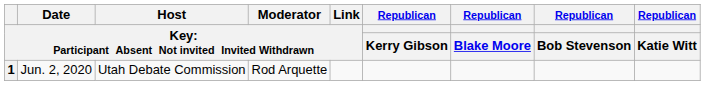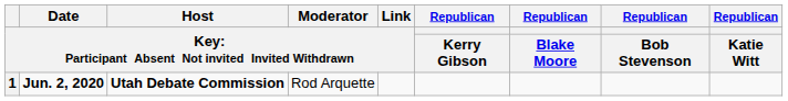 <table class="wikitable" style="text-align:center;">
 <tr>
 <th scope="col"></th>
 <th scope="col">Date</th>
 <th scope="col">Host</th>
 <th scope="col">Moderator</th>
 <th scope="col">Link</th>
 <th scope="col"><small><a href='#'>Republican</a></small></th>
 <th scope="col"><small><a href='#'>Republican</a></small></th>
 <th scope="col"><small><a href='#'>Republican</a></small></th>
 <th scope="col"><small><a href='#'>Republican</a></small></th>
 </tr>
 <tr>
 <th colspan="5" rowspan="2">Key:<br> <small>Participant </small>  <small>Absent </small>  <small>Not invited </small>  <small>Invited  Withdrawn</small></th>
 <th scope="col" style="background:"></th>
 <th scope="col" style="background:"></th>
 <th scope="col" style="background:"></th>
 <th scope="col" style="background:"></th>
 </tr>
 <tr>
 <th scope="col">Kerry Gibson</th>
 <th scope="col"><a href='#'>Blake Moore</a></th>
 <th scope="col">Bob Stevenson</th>
 <th scope="col">Katie Witt</th>
 </tr>
 <tr>
 <th>1</th>
-<td style="white-space:nowrap;">Jun. 2, 2020</td>
-<td style="white-space:nowrap;">Utah Debate Commission</td>
+<td style="white-space:nowrap;"><strong>Jun. 2, 2020</strong></td>
+<td style="white-space:nowrap;"><strong>Utah Debate Commission</strong></td>
 <td style="white-space:nowrap;">Rod Arquette</td>
 <td style="white-space:nowrap;"></td>
 <td></td>
 <td></td>
 <td></td>
 <td></td>
 </tr>
 </table>
